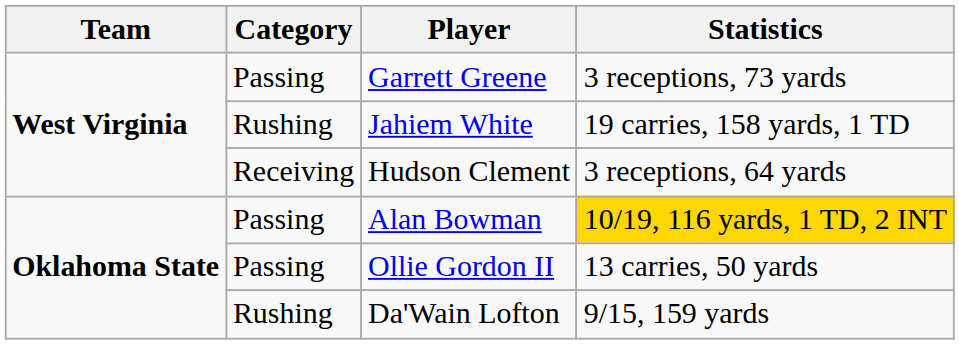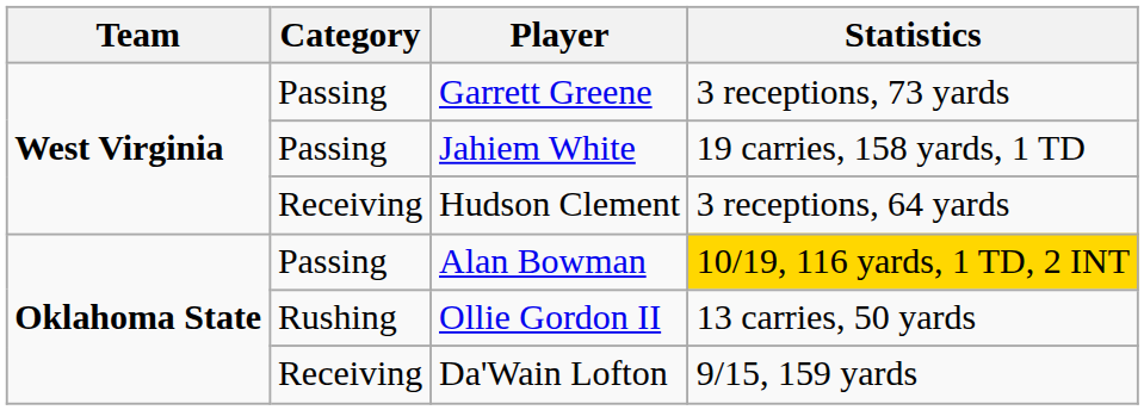 <table class="wikitable" style="float: right;">
 <tr>
 <th>Team</th>
 <th>Category</th>
 <th>Player</th>
 <th>Statistics</th>
 </tr>
 <tr>
 <td rowspan=3><strong>West Virginia</strong></td>
 <td>Passing</td>
 <td><a href='#'>Garrett Greene</a></td>
 <td>3 receptions, 73 yards</td>
 </tr>
 <tr>
-<td>Rushing</td>
+<td>Passing</td>
 <td><a href='#'>Jahiem White</a></td>
 <td>19 carries, 158 yards, 1 TD</td>
 </tr>
 <tr>
 <td>Receiving</td>
 <td>Hudson Clement</td>
 <td>3 receptions, 64 yards</td>
 </tr>
 <tr>
 <td rowspan=3><strong>Oklahoma State</strong></td>
 <td>Passing</td>
 <td><a href='#'>Alan Bowman</a></td>
 <td style="background: gold;">10/19, 116 yards, 1 TD, 2 INT</td>
 </tr>
 <tr>
-<td>Passing</td>
+<td>Rushing</td>
 <td><a href='#'>Ollie Gordon II</a></td>
 <td>13 carries, 50 yards</td>
 </tr>
 <tr>
-<td>Rushing</td>
+<td>Receiving</td>
 <td>Da'Wain Lofton</td>
 <td>9/15, 159 yards</td>
 </tr>
 </table>
